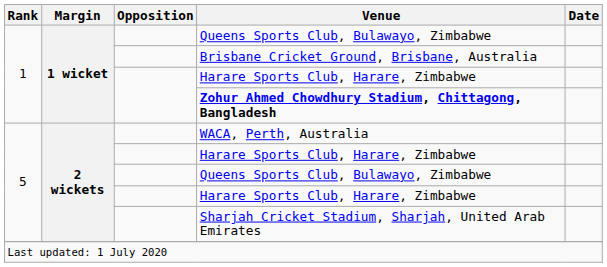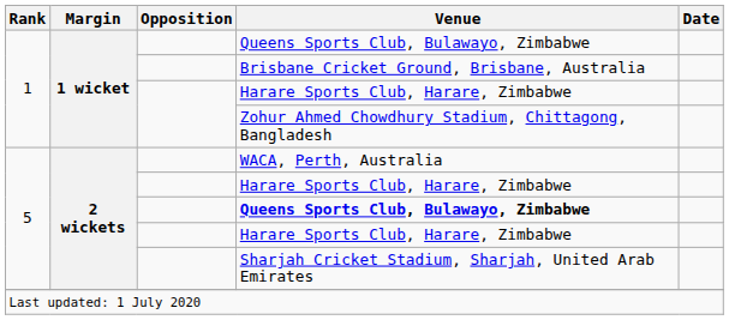 <table class="wikitable plainrowheaders sortable">
 <tr>
 <th scope=col>Rank</th>
 <th scope=col>Margin</th>
 <th scope=col>Opposition</th>
 <th scope=col>Venue</th>
 <th scope=col>Date</th>
 </tr>
 <tr>
 <td style="text-align:center" rowspan=4>1</td>
 <th scope=row style=text-align:center rowspan=4>1 wicket</th>
 <td></td>
 <td><a href='#'>Queens Sports Club</a>, <a href='#'>Bulawayo</a>, Zimbabwe</td>
 <td></td>
 </tr>
 <tr>
 <td></td>
 <td><a href='#'>Brisbane Cricket Ground</a>, <a href='#'>Brisbane</a>, Australia</td>
 <td></td>
 </tr>
 <tr>
 <td rowspan=2></td>
 <td><a href='#'>Harare Sports Club</a>, <a href='#'>Harare</a>, Zimbabwe</td>
 <td></td>
 </tr>
 <tr>
-<td><strong><a href='#'>Zohur Ahmed Chowdhury Stadium</a>, <a href='#'>Chittagong</a>, Bangladesh</strong></td>
+<td><a href='#'>Zohur Ahmed Chowdhury Stadium</a>, <a href='#'>Chittagong</a>, Bangladesh</td>
 <td></td>
 </tr>
 <tr>
 <td style="text-align:center" rowspan=5>5</td>
 <th scope=row style=text-align:center rowspan=5>2 wickets</th>
 <td></td>
 <td><a href='#'>WACA</a>, <a href='#'>Perth</a>, Australia</td>
 <td></td>
 </tr>
 <tr>
 <td></td>
 <td><a href='#'>Harare Sports Club</a>, <a href='#'>Harare</a>, Zimbabwe</td>
 <td></td>
 </tr>
 <tr>
 <td></td>
-<td><a href='#'>Queens Sports Club</a>, <a href='#'>Bulawayo</a>, Zimbabwe</td>
+<td><strong><a href='#'>Queens Sports Club</a>, <a href='#'>Bulawayo</a>, Zimbabwe</strong></td>
 <td></td>
 </tr>
 <tr>
 <td></td>
 <td><a href='#'>Harare Sports Club</a>, <a href='#'>Harare</a>, Zimbabwe</td>
 <td></td>
 </tr>
 <tr>
 <td></td>
 <td><a href='#'>Sharjah Cricket Stadium</a>, <a href='#'>Sharjah</a>, United Arab Emirates</td>
 <td></td>
 </tr>
 <tr>
 </tr>
 <tr class=sortbottom>
 <td colspan=5><small>Last updated: 1 July 2020</small></td>
 </tr>
 </table>
